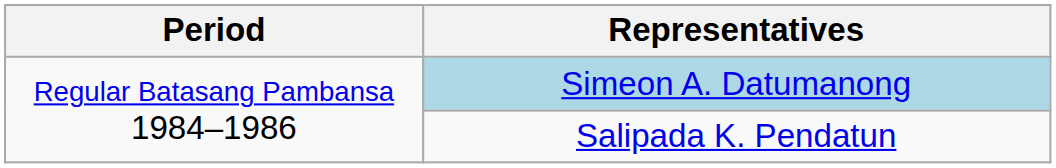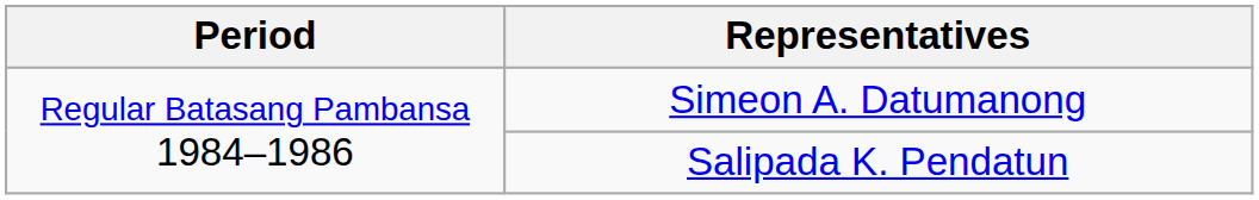 <table class="wikitable" style="text-align:center; width:40%;">
 <tr>
 <th width="40%">Period</th>
 <th>Representatives</th>
 </tr>
 <tr>
 <td rowspan="2"><small><a href='#'>Regular Batasang Pambansa</a></small><br>1984–1986</td>
-<td style="background: lightblue;"><a href='#'>Simeon A. Datumanong</a></td>
+<td><a href='#'>Simeon A. Datumanong</a></td>
 </tr>
 <tr>
 <td><a href='#'>Salipada K. Pendatun</a></td>
 </tr>
 </table>
